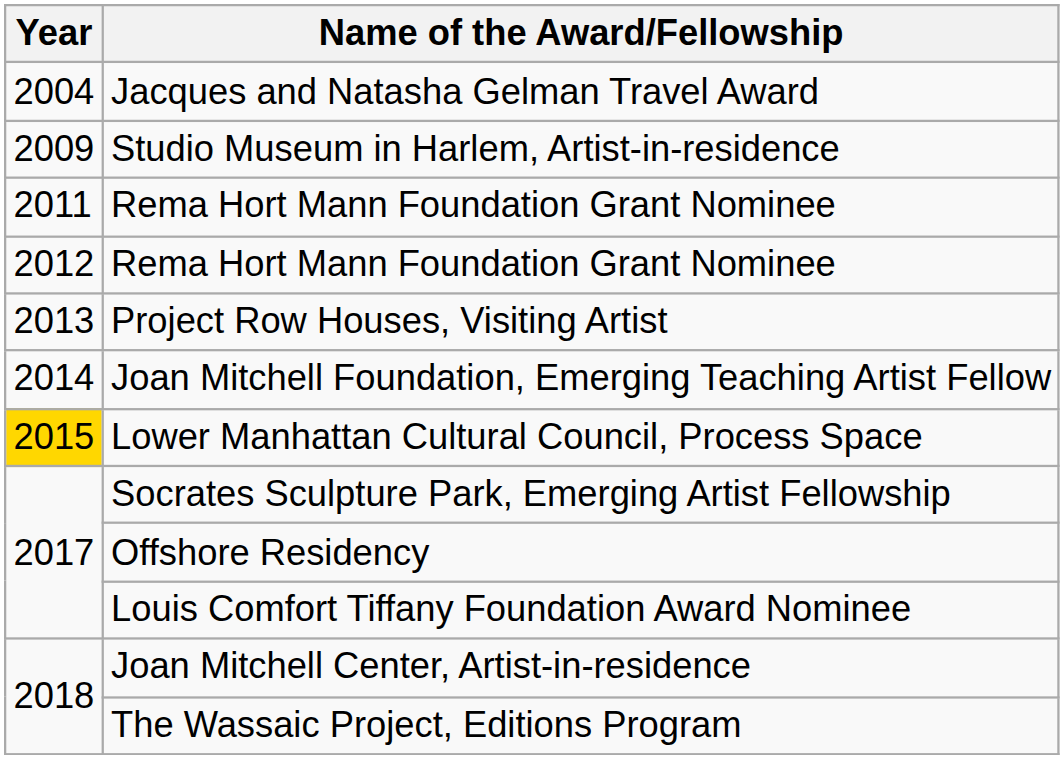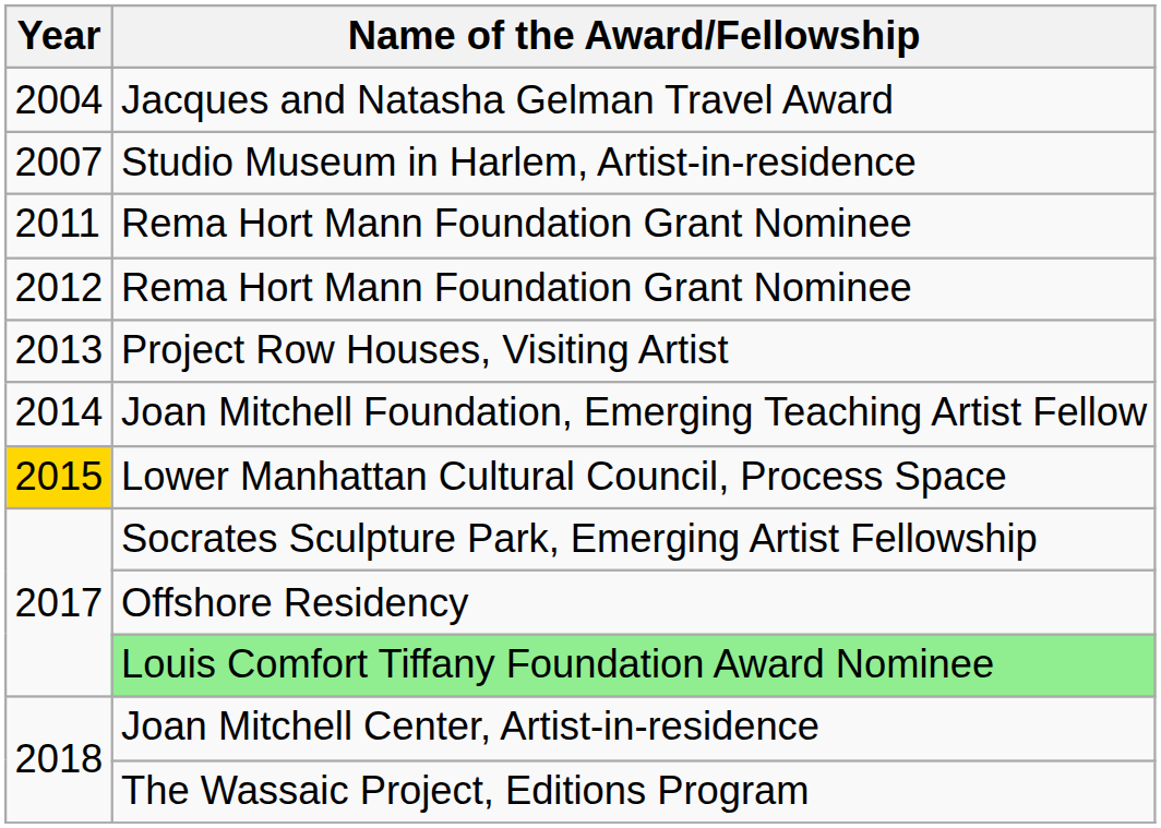 <table class="wikitable mw-collapsible mw-collapsed">
 <tr>
 <th>Year</th>
 <th>Name of the Award/Fellowship</th>
 </tr>
 <tr>
 <td>2004</td>
 <td>Jacques and Natasha Gelman Travel Award</td>
 </tr>
 <tr>
-<td>2009</td>
+<td>2007</td>
 <td>Studio Museum in Harlem, Artist-in-residence</td>
 </tr>
 <tr>
 <td>2011</td>
 <td>Rema Hort Mann Foundation Grant Nominee</td>
 </tr>
 <tr>
 <td>2012</td>
 <td>Rema Hort Mann Foundation Grant Nominee</td>
 </tr>
 <tr>
 <td>2013</td>
 <td>Project Row Houses, Visiting Artist</td>
 </tr>
 <tr>
 <td>2014</td>
 <td>Joan Mitchell Foundation, Emerging Teaching Artist Fellow</td>
 </tr>
 <tr>
 <td style="background: gold;">2015</td>
 <td>Lower Manhattan Cultural Council, Process Space</td>
 </tr>
 <tr>
 <td rowspan="3">2017</td>
 <td>Socrates Sculpture Park, Emerging Artist Fellowship</td>
 </tr>
 <tr>
 <td>Offshore Residency</td>
 </tr>
 <tr>
-<td>Louis Comfort Tiffany Foundation Award Nominee</td>
+<td style="background: lightgreen;">Louis Comfort Tiffany Foundation Award Nominee</td>
 </tr>
 <tr>
 <td rowspan="2">2018</td>
 <td>Joan Mitchell Center, Artist-in-residence</td>
 </tr>
 <tr>
 <td>The Wassaic Project, Editions Program</td>
 </tr>
 </table>
